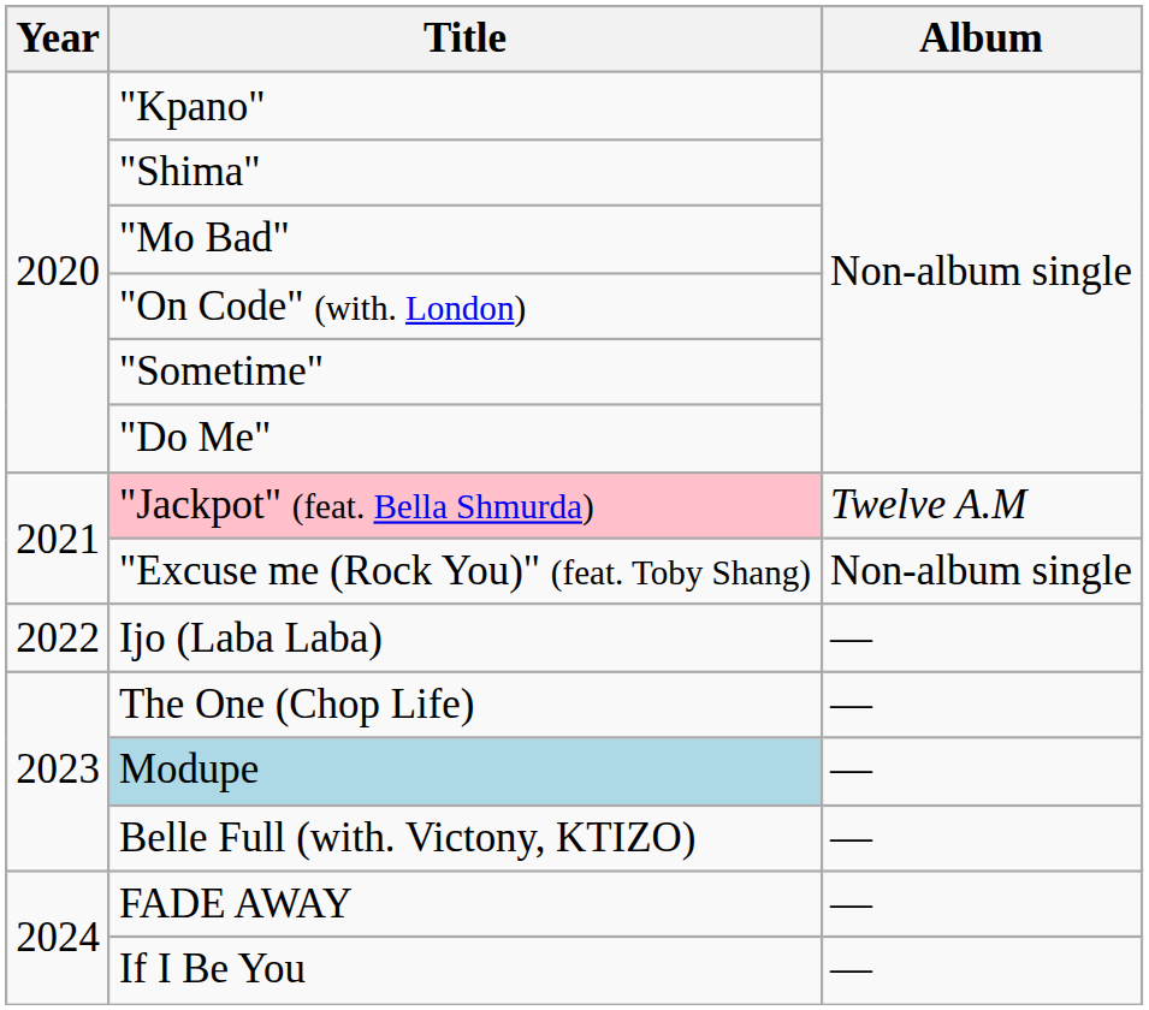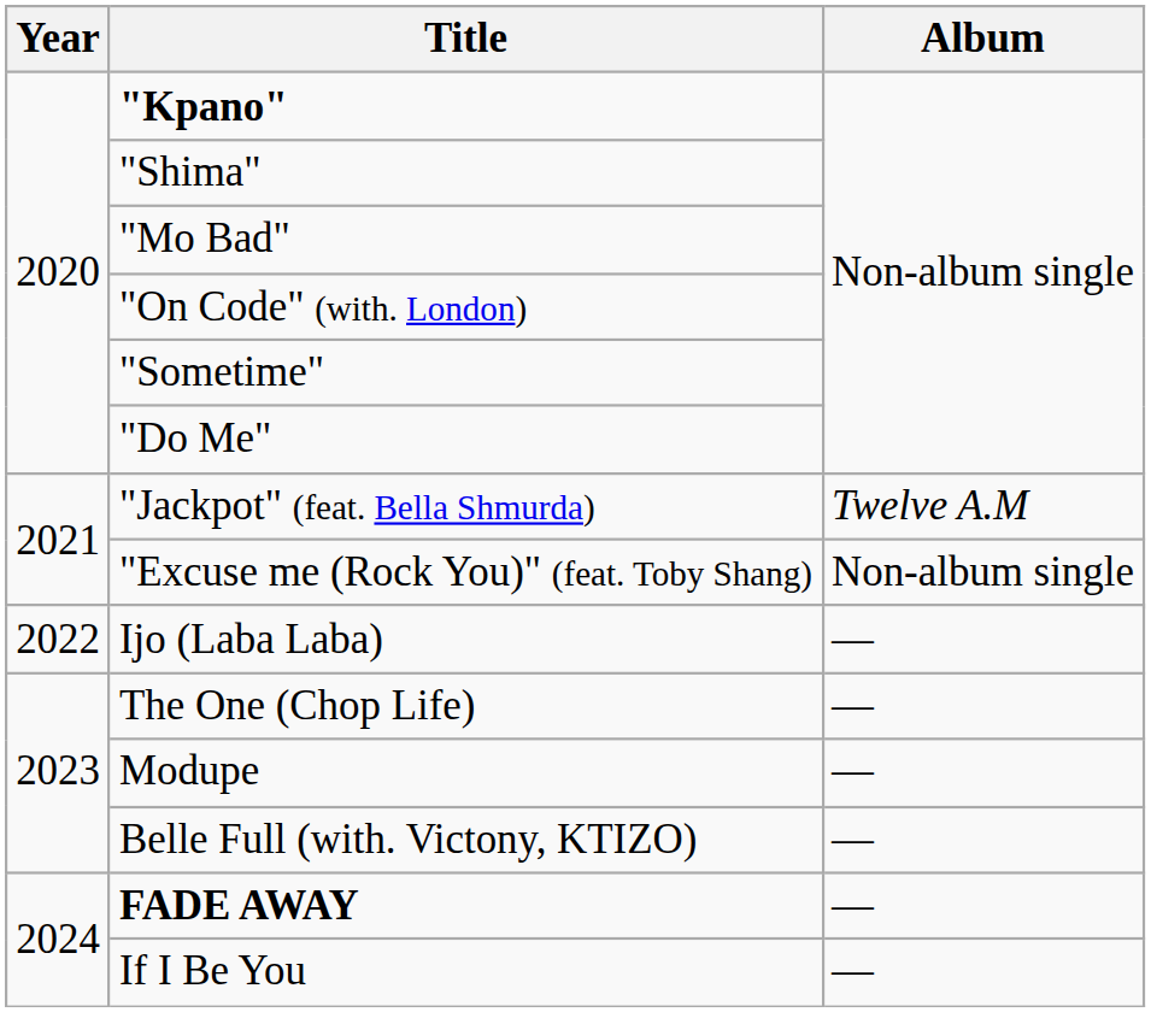 <table class="wikitable">
 <tr>
 <th>Year</th>
 <th>Title</th>
 <th>Album</th>
 </tr>
 <tr>
 <td rowspan="6">2020</td>
-<td>"Kpano"</td>
+<td><strong>"Kpano"</strong></td>
 <td rowspan="6">Non-album single</td>
 </tr>
 <tr>
 <td>"Shima"</td>
 </tr>
 <tr>
 <td>"Mo Bad"</td>
 </tr>
 <tr>
 <td>"On Code" <small>(with. <a href='#'>London</a>)</small></td>
 </tr>
 <tr>
 <td>"Sometime"</td>
 </tr>
 <tr>
 <td>"Do Me"</td>
 </tr>
 <tr>
 <td rowspan="2">2021</td>
-<td style="background: pink;">"Jackpot" <small>(feat. <a href='#'>Bella Shmurda</a>)</small></td>
+<td>"Jackpot" <small>(feat. <a href='#'>Bella Shmurda</a>)</small></td>
 <td><em>Twelve A.M</em></td>
 </tr>
 <tr>
 <td>"Excuse me (Rock You)" <small>(feat. Toby Shang)</small></td>
 <td rowspan="2">Non-album single</td>
 </tr>
 <tr>
 <td rowspan="2">2022</td>
 <td rowspan="2">Ijo (Laba Laba)</td>
 </tr>
 <tr>
 <td>—</td>
 </tr>
 <tr>
 <td rowspan="3">2023</td>
 <td>The One (Chop Life)</td>
 <td>—</td>
 </tr>
 <tr>
-<td style="background: lightblue;">Modupe</td>
+<td>Modupe</td>
 <td>—</td>
 </tr>
 <tr>
 <td>Belle Full (with. Victony, KTIZO)</td>
 <td>—</td>
 </tr>
 <tr>
 <td rowspan="2">2024</td>
-<td>FADE AWAY</td>
+<td><strong>FADE AWAY</strong></td>
 <td>—</td>
 </tr>
 <tr>
 <td>If I Be You</td>
 <td>—</td>
 </tr>
 </table>
